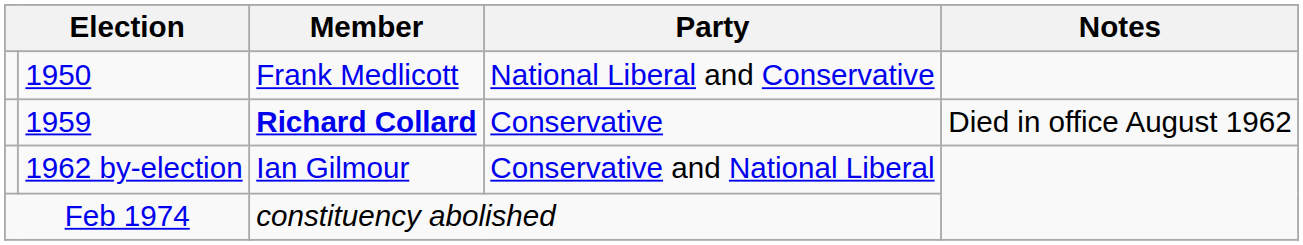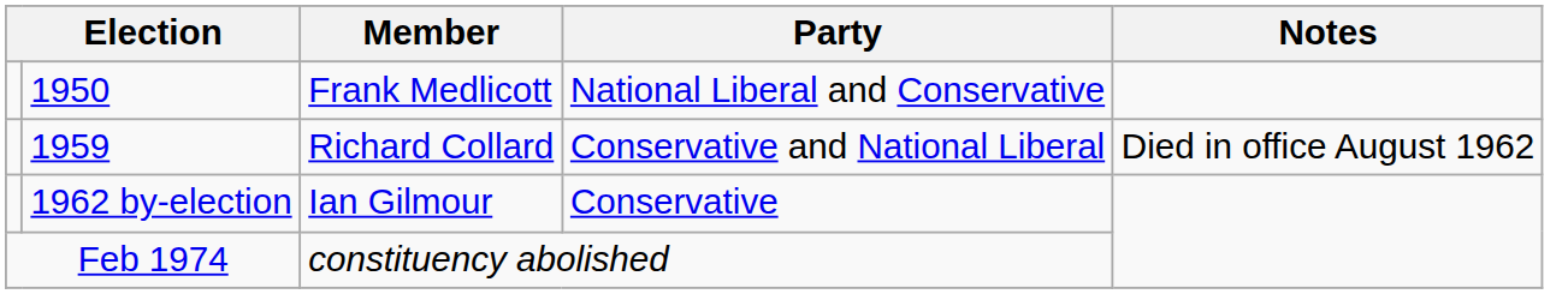 <table class="wikitable">
 <tr>
 <th colspan="2">Election</th>
 <th>Member</th>
 <th>Party</th>
 <th>Notes</th>
 </tr>
 <tr>
 <td style="color:inherit;background-color: "></td>
 <td><a href='#'>1950</a></td>
 <td><a href='#'>Frank Medlicott</a></td>
 <td><a href='#'>National Liberal</a> and <a href='#'>Conservative</a></td>
 </tr>
 <tr>
 <td style="color:inherit;background-color: "></td>
 <td><a href='#'>1959</a></td>
-<td><strong><a href='#'>Richard Collard</a></strong></td>
-<td><a href='#'>Conservative</a></td>
+<td><a href='#'>Richard Collard</a></td>
+<td><a href='#'>Conservative</a> and <a href='#'>National Liberal</a></td>
 <td>Died in office August 1962</td>
 </tr>
 <tr>
 <td style="color:inherit;background-color: "></td>
 <td><a href='#'>1962 by-election</a></td>
 <td><a href='#'>Ian Gilmour</a></td>
-<td><a href='#'>Conservative</a> and <a href='#'>National Liberal</a></td>
+<td><a href='#'>Conservative</a></td>
 </tr>
 <tr>
 <td colspan="2" align="center"><a href='#'>Feb 1974</a></td>
 <td colspan="2"><em>constituency abolished</em></td>
 </tr>
 </table>
